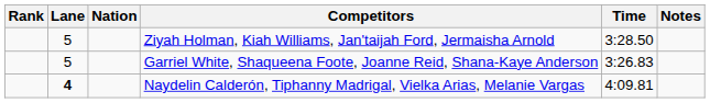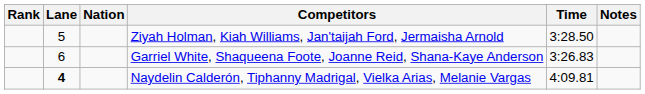 <table class="wikitable sortable" style="text-align:center">
 <tr>
 <th>Rank</th>
 <th>Lane</th>
 <th>Nation</th>
 <th>Competitors</th>
 <th>Time</th>
 <th>Notes</th>
 </tr>
 <tr>
 <td></td>
 <td>5</td>
 <td align=left></td>
 <td align=left><a href='#'>Ziyah Holman</a>, <a href='#'>Kiah Williams</a>, <a href='#'>Jan'taijah Ford</a>, <a href='#'>Jermaisha Arnold</a></td>
 <td>3:28.50</td>
 <td></td>
 </tr>
 <tr>
 <td></td>
-<td>5</td>
+<td>6</td>
 <td align=left></td>
 <td align=left><a href='#'>Garriel White</a>, <a href='#'>Shaqueena Foote</a>, <a href='#'>Joanne Reid</a>, <a href='#'>Shana-Kaye Anderson</a></td>
 <td>3:26.83</td>
 <td></td>
 </tr>
 <tr>
 <td></td>
 <td><strong>4</strong></td>
 <td align=left></td>
 <td align=left><a href='#'>Naydelin Calderón</a>, <a href='#'>Tiphanny Madrigal</a>, <a href='#'>Vielka Arias</a>, <a href='#'>Melanie Vargas</a></td>
 <td>4:09.81</td>
 <td></td>
 </tr>
 </table>
